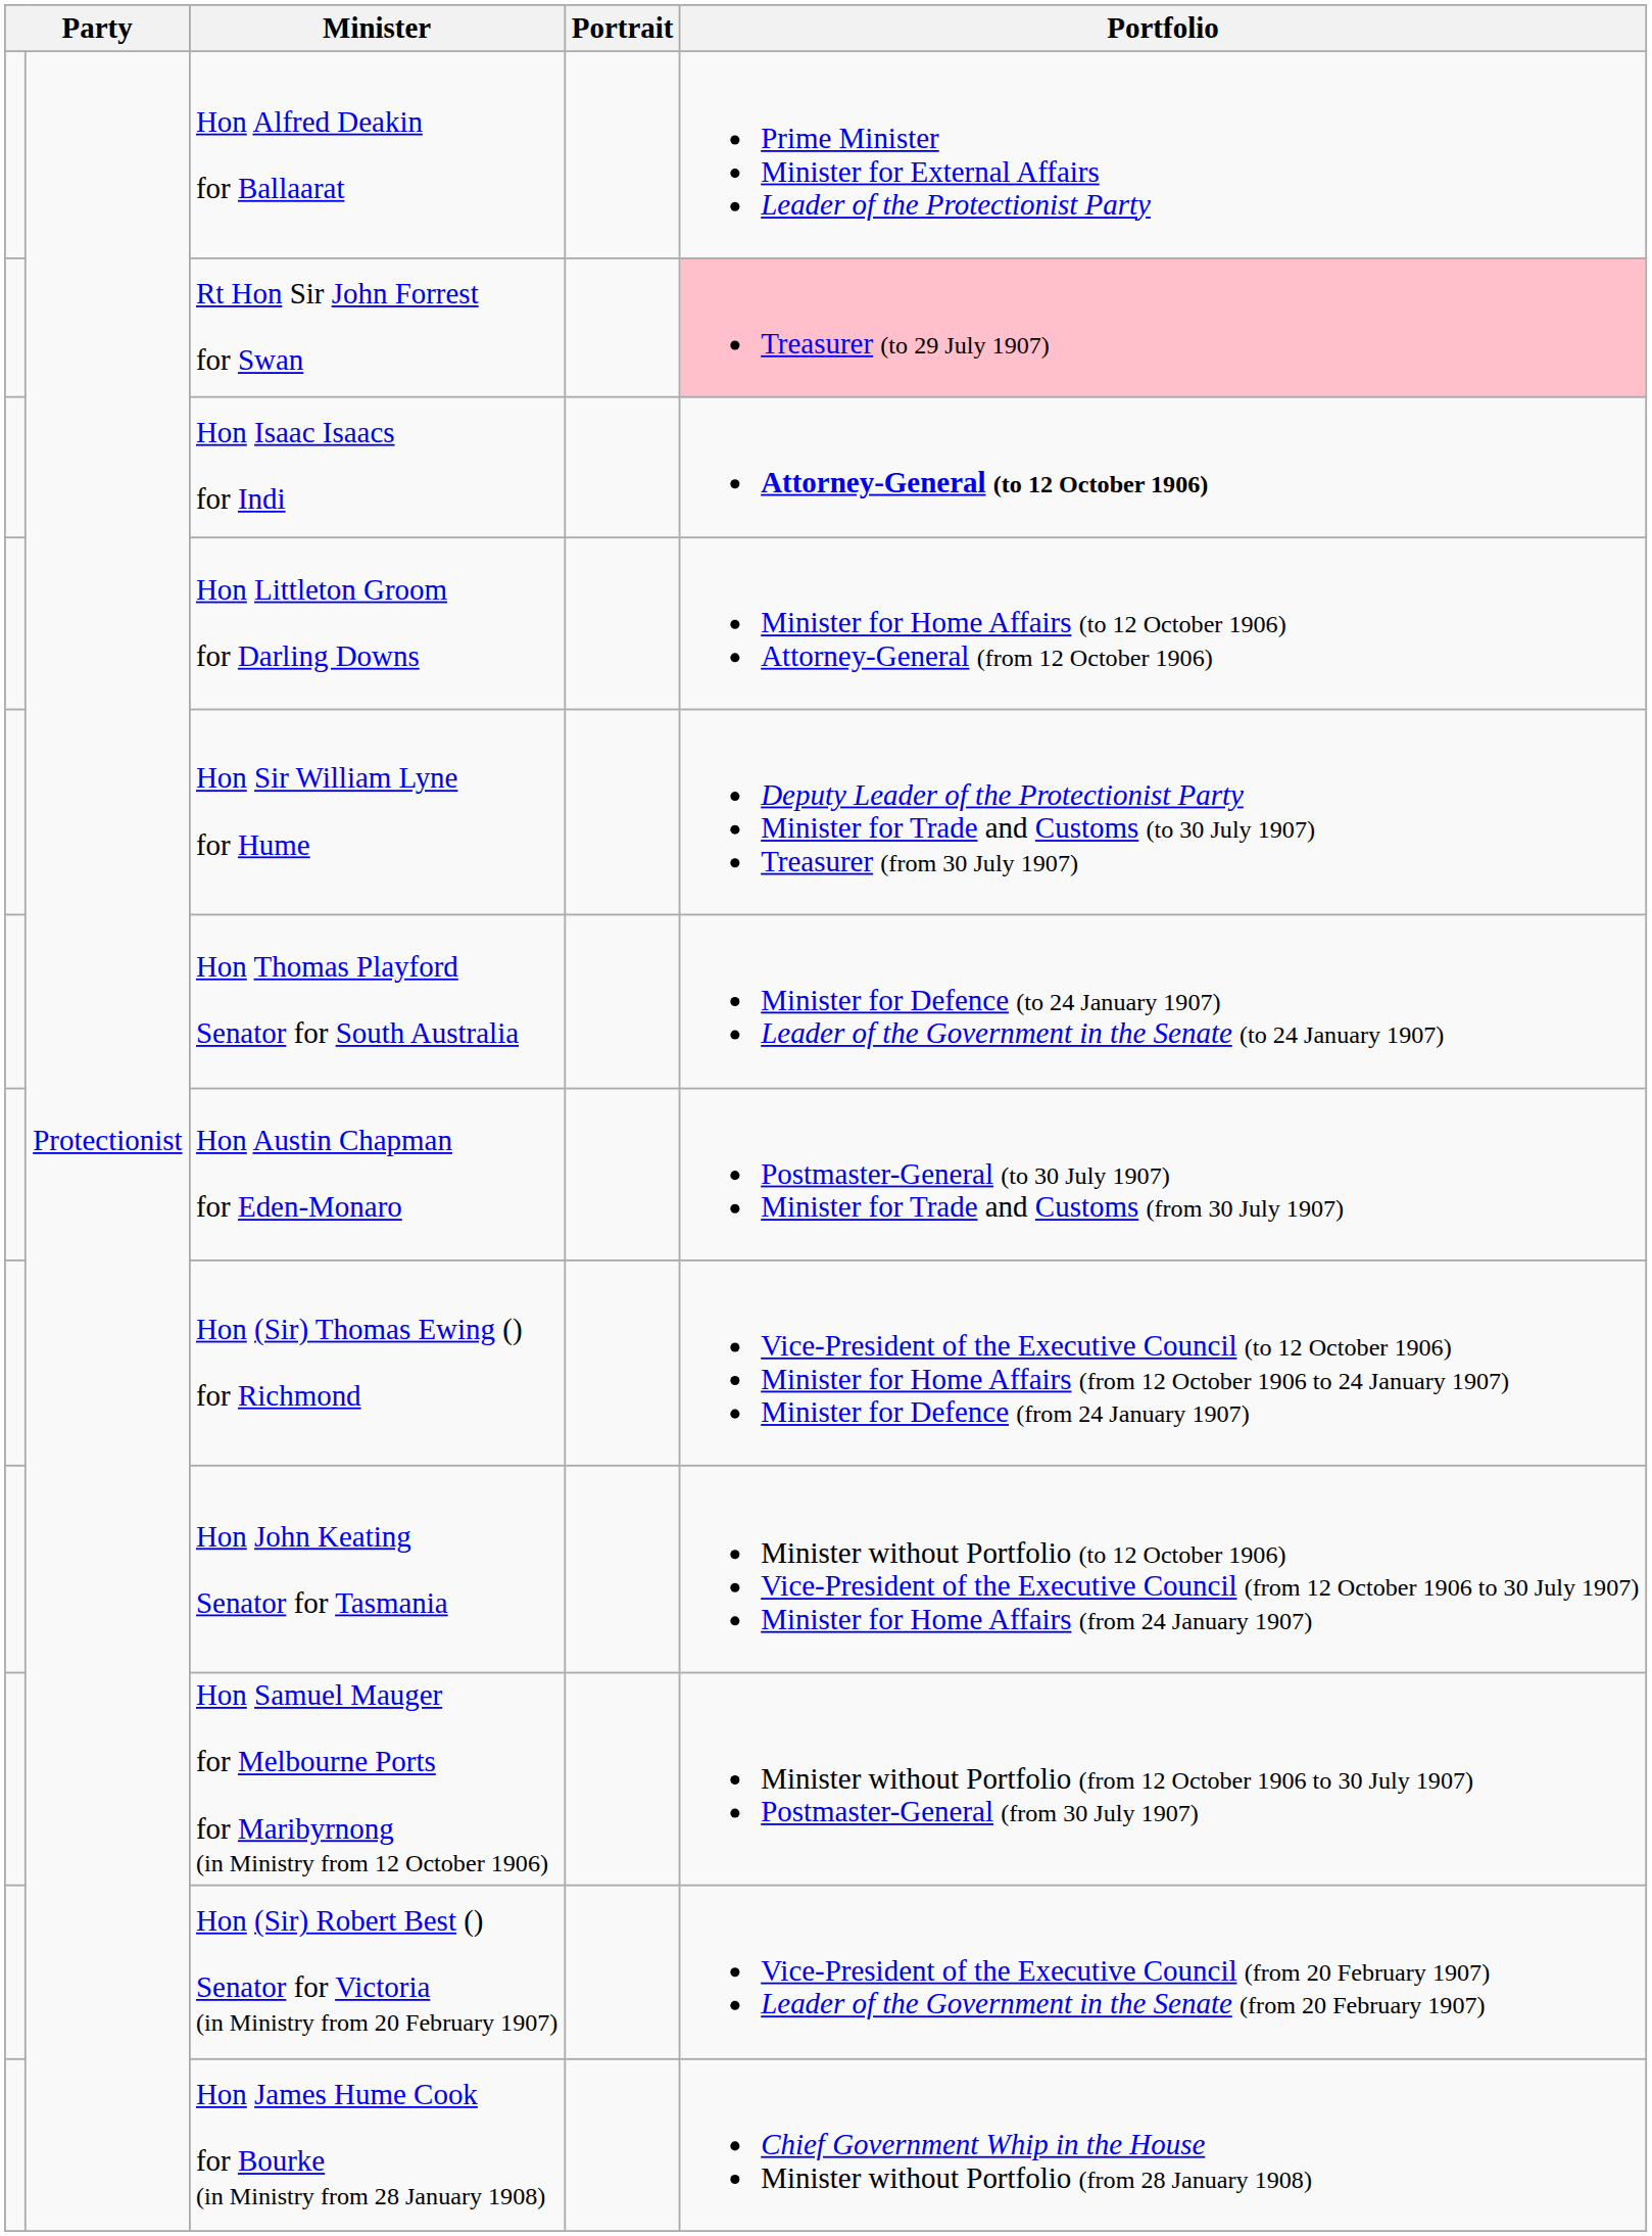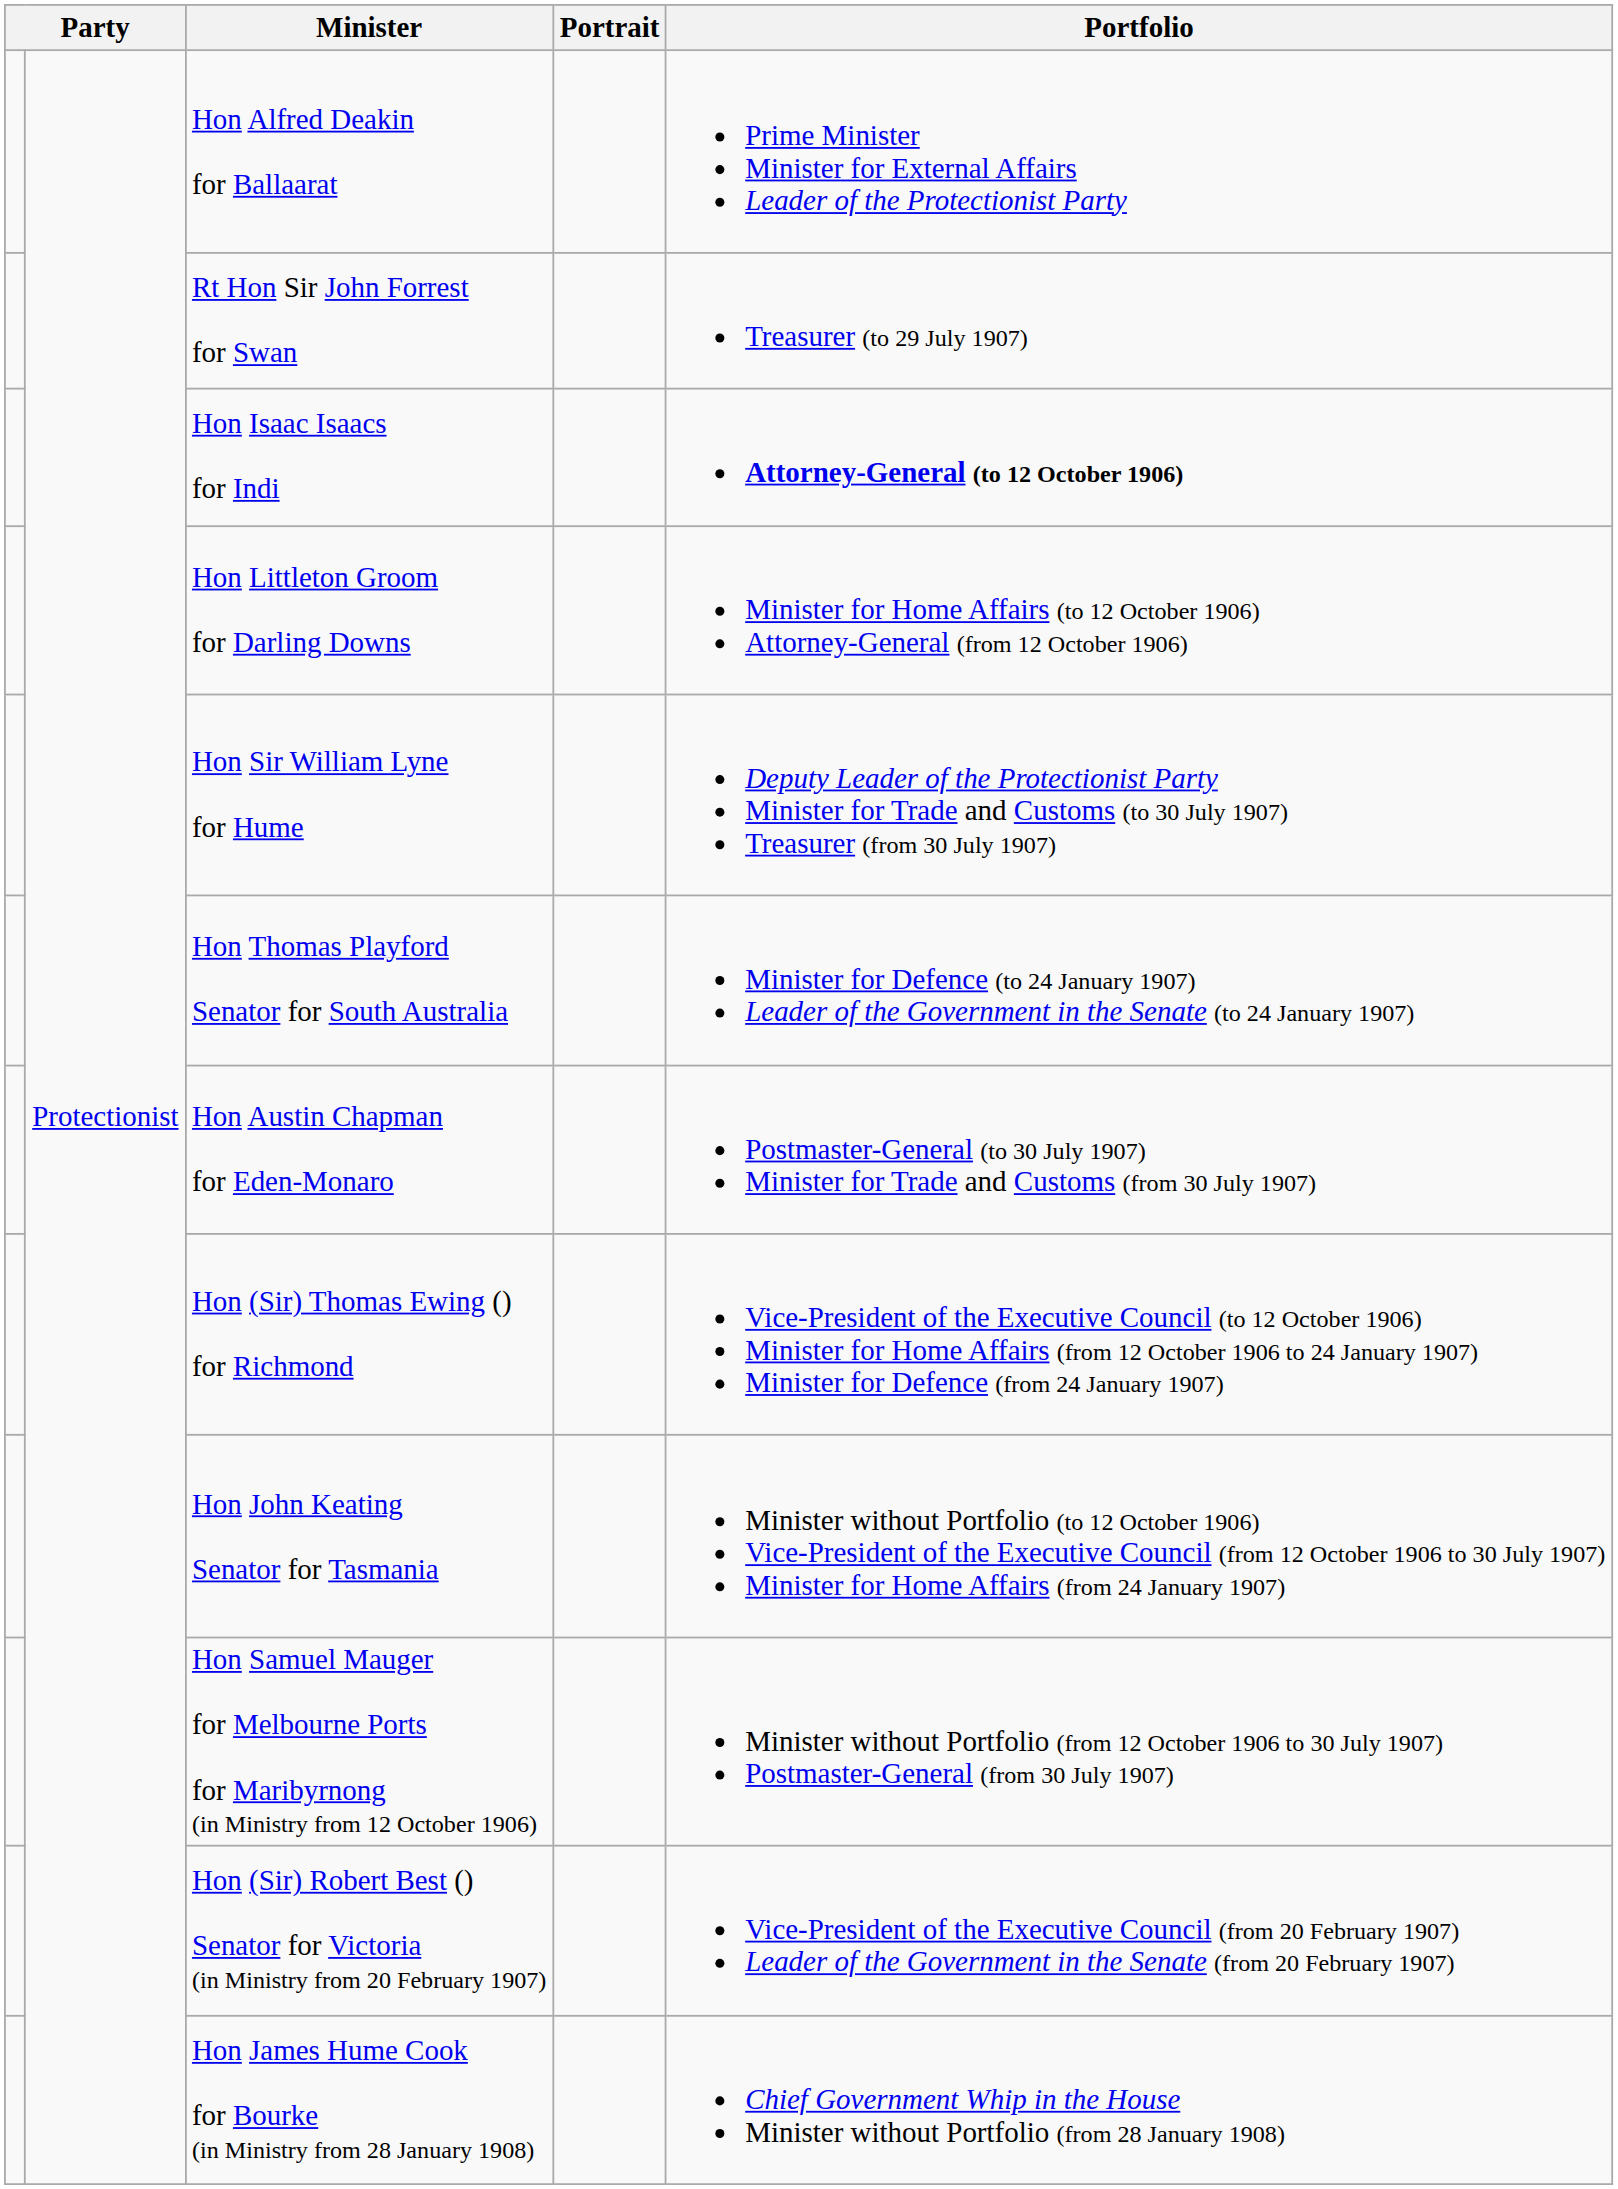 <table class="wikitable sortable">
 <tr>
 <th colspan="2">Party</th>
 <th>Minister</th>
 <th>Portrait</th>
 <th>Portfolio</th>
 </tr>
 <tr>
 <td> </td>
 <td rowspan=12><a href='#'>Protectionist</a></td>
 <td><a href='#'>Hon</a> <a href='#'>Alfred Deakin</a> <br><br> for <a href='#'>Ballaarat</a> <br></td>
 <td></td>
 <td><br><ul><li><a href='#'>Prime Minister</a></li><li><a href='#'>Minister for External Affairs</a></li><li><em><a href='#'>Leader of the Protectionist Party</a></em></li></ul></td>
 </tr>
 <tr>
 <td> </td>
 <td><a href='#'>Rt Hon</a> Sir <a href='#'>John Forrest</a>  <br><br> for <a href='#'>Swan</a> <br></td>
 <td></td>
-<td style="background: pink;"><br><ul><li><a href='#'>Treasurer</a> <small>(to 29 July 1907)</small></li></ul></td>
+<td><br><ul><li><a href='#'>Treasurer</a> <small>(to 29 July 1907)</small></li></ul></td>
 </tr>
 <tr>
 <td> </td>
 <td><a href='#'>Hon</a> <a href='#'>Isaac Isaacs</a>  <br><br> for <a href='#'>Indi</a> <br></td>
 <td></td>
 <td><strong><br><ul><li><a href='#'>Attorney-General</a> <small>(to 12 October 1906)</small></li></ul></strong></td>
 </tr>
 <tr>
 <td> </td>
 <td><a href='#'>Hon</a> <a href='#'>Littleton Groom</a> <br><br> for <a href='#'>Darling Downs</a> <br></td>
 <td></td>
 <td><br><ul><li><a href='#'>Minister for Home Affairs</a> <small>(to 12 October 1906)</small></li><li><a href='#'>Attorney-General</a> <small>(from 12 October 1906)</small></li></ul></td>
 </tr>
 <tr>
 <td> </td>
 <td><a href='#'>Hon</a> <a href='#'>Sir William Lyne</a>  <br><br> for <a href='#'>Hume</a> <br></td>
 <td></td>
 <td><br><ul><li><em><a href='#'>Deputy Leader of the Protectionist Party</a></em></li><li><a href='#'>Minister for Trade</a> and <a href='#'>Customs</a> <small>(to 30 July 1907)</small></li><li><a href='#'>Treasurer</a> <small>(from 30 July 1907)</small></li></ul></td>
 </tr>
 <tr>
 <td> </td>
 <td><a href='#'>Hon</a> <a href='#'>Thomas Playford</a> <br><br><a href='#'>Senator</a> for <a href='#'>South Australia</a> <br></td>
 <td></td>
 <td><br><ul><li><a href='#'>Minister for Defence</a> <small>(to 24 January 1907)</small></li><li><em><a href='#'>Leader of the Government in the Senate</a></em> <small>(to 24 January 1907)</small></li></ul></td>
 </tr>
 <tr>
 <td> </td>
 <td><a href='#'>Hon</a> <a href='#'>Austin Chapman</a> <br><br> for <a href='#'>Eden-Monaro</a> <br></td>
 <td></td>
 <td><br><ul><li><a href='#'>Postmaster-General</a> <small>(to 30 July 1907)</small></li><li><a href='#'>Minister for Trade</a> and <a href='#'>Customs</a> <small>(from 30 July 1907)</small></li></ul></td>
 </tr>
 <tr>
 <td> </td>
 <td><a href='#'>Hon</a> <a href='#'>(Sir) Thomas Ewing</a> () <br><br> for <a href='#'>Richmond</a> <br></td>
 <td></td>
 <td><br><ul><li><a href='#'>Vice-President of the Executive Council</a> <small>(to 12 October 1906)</small></li><li><a href='#'>Minister for Home Affairs</a> <small>(from 12 October 1906 to 24 January 1907)</small></li><li><a href='#'>Minister for Defence</a> <small>(from 24 January 1907)</small></li></ul></td>
 </tr>
 <tr>
 <td> </td>
 <td><a href='#'>Hon</a> <a href='#'>John Keating</a> <br><br><a href='#'>Senator</a> for <a href='#'>Tasmania</a> <br></td>
 <td></td>
 <td><br><ul><li>Minister without Portfolio <small>(to 12 October 1906)</small></li><li><a href='#'>Vice-President of the Executive Council</a> <small>(from 12 October 1906 to 30 July 1907)</small></li><li><a href='#'>Minister for Home Affairs</a> <small>(from 24 January 1907)</small></li></ul></td>
 </tr>
 <tr>
 <td> </td>
 <td><a href='#'>Hon</a> <a href='#'>Samuel Mauger</a> <br><br> for <a href='#'>Melbourne Ports</a> <br><br> for <a href='#'>Maribyrnong</a> <br>  <small>(in Ministry from 12 October 1906)</small></td>
 <td></td>
 <td><br><ul><li>Minister without Portfolio <small>(from 12 October 1906 to 30 July 1907)</small></li><li><a href='#'>Postmaster-General</a> <small>(from 30 July 1907)</small></li></ul></td>
 </tr>
 <tr>
 <td> </td>
 <td><a href='#'>Hon</a> <a href='#'>(Sir) Robert Best</a> () <br><br><a href='#'>Senator</a> for <a href='#'>Victoria</a> <br> <small>(in Ministry from 20 February 1907)</small></td>
 <td></td>
 <td><br><ul><li><a href='#'>Vice-President of the Executive Council</a> <small>(from 20 February 1907)</small></li><li><em><a href='#'>Leader of the Government in the Senate</a></em> <small>(from 20 February 1907)</small></li></ul></td>
 </tr>
 <tr>
 <td> </td>
 <td><a href='#'>Hon</a> <a href='#'>James Hume Cook</a> <br><br> for <a href='#'>Bourke</a> <br>  <small>(in Ministry from 28 January 1908)</small></td>
 <td></td>
 <td><br><ul><li><em><a href='#'>Chief Government Whip in the House</a></em></li><li>Minister without Portfolio <small>(from 28 January 1908)</small></li></ul></td>
 </tr>
 </table>
